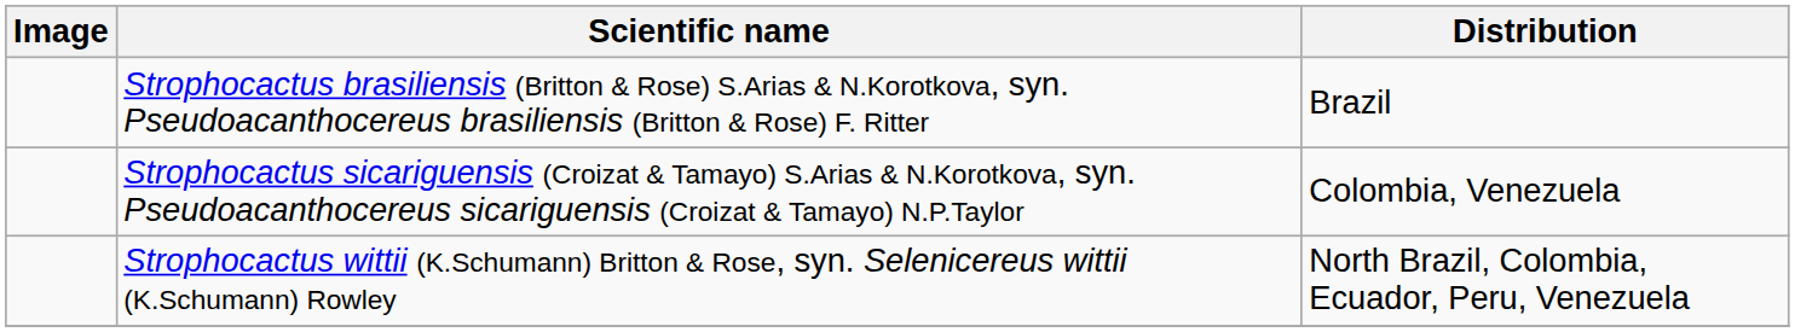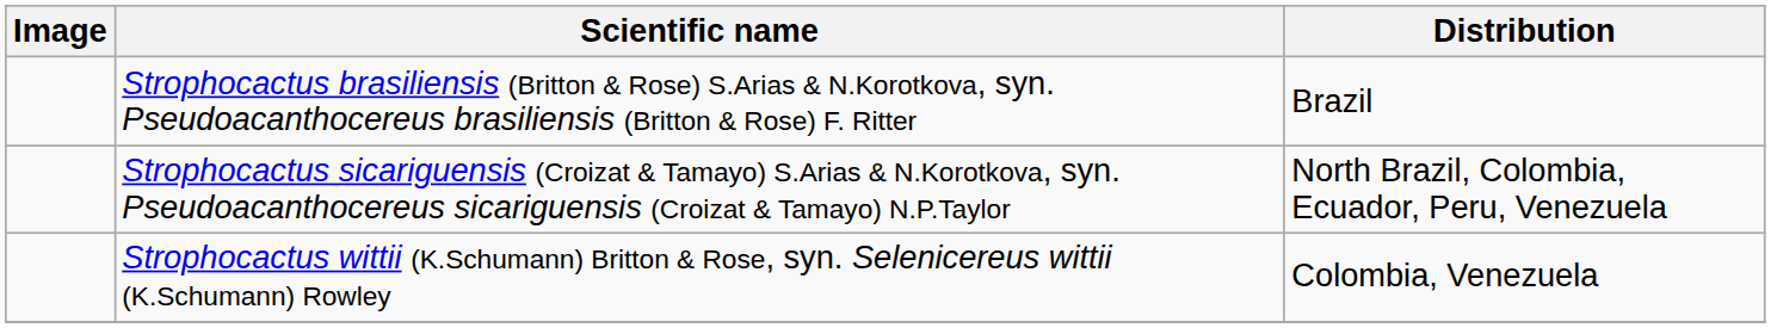 <table class="wikitable">
 <tr>
 <th>Image</th>
 <th>Scientific name</th>
 <th>Distribution</th>
 </tr>
 <tr>
 <td></td>
 <td><em><a href='#'>Strophocactus brasiliensis</a></em> <small>(Britton & Rose) S.Arias & N.Korotkova</small>, syn. <em>Pseudoacanthocereus brasiliensis</em> <small>(Britton & Rose) F. Ritter</small></td>
 <td>Brazil</td>
 </tr>
 <tr>
 <td></td>
 <td><em><a href='#'>Strophocactus sicariguensis</a></em> <small>(Croizat & Tamayo) S.Arias & N.Korotkova</small>, syn. <em>Pseudoacanthocereus sicariguensis</em> <small>(Croizat & Tamayo) N.P.Taylor</small></td>
-<td>Colombia, Venezuela</td>
+<td>North Brazil, Colombia, Ecuador, Peru, Venezuela</td>
 </tr>
 <tr>
 <td></td>
 <td><em><a href='#'>Strophocactus wittii</a></em> <small>(K.Schumann) Britton & Rose</small>, syn. <em>Selenicereus wittii</em> <small>(K.Schumann) Rowley</small></td>
-<td>North Brazil, Colombia, Ecuador, Peru, Venezuela</td>
+<td>Colombia, Venezuela</td>
 </tr>
 <tr>
 </tr>
 </table>
